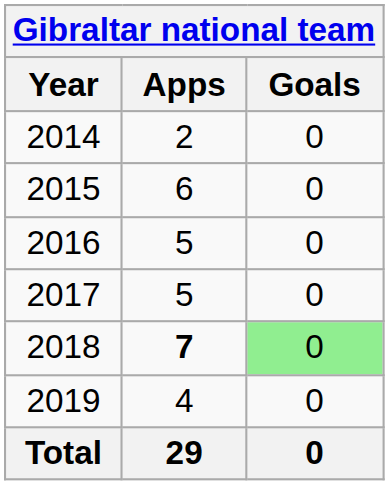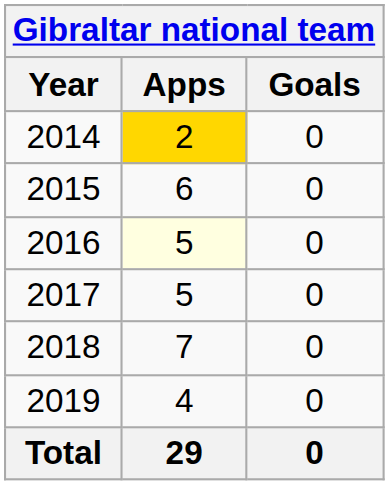 <table class="wikitable" style="text-align:center">
 <tr>
 <th colspan=6><a href='#'>Gibraltar national team</a></th>
 </tr>
 <tr>
 <th>Year</th>
 <th>Apps</th>
 <th>Goals</th>
 </tr>
 <tr>
 <td>2014</td>
-<td>2</td>
+<td style="background: gold;">2</td>
 <td>0</td>
 </tr>
 <tr>
 <td>2015</td>
 <td>6</td>
 <td>0</td>
 </tr>
 <tr>
 <td>2016</td>
-<td>5</td>
+<td style="background: lightyellow;">5</td>
 <td>0</td>
 </tr>
 <tr>
 <td>2017</td>
 <td>5</td>
 <td>0</td>
 </tr>
 <tr>
 <td>2018</td>
-<td><strong>7</strong></td>
-<td style="background: lightgreen;">0</td>
+<td>7</td>
+<td>0</td>
 </tr>
 <tr>
 <td>2019</td>
 <td>4</td>
 <td>0</td>
 </tr>
 <tr>
 <th>Total</th>
 <th>29</th>
 <th>0</th>
 </tr>
 </table>
